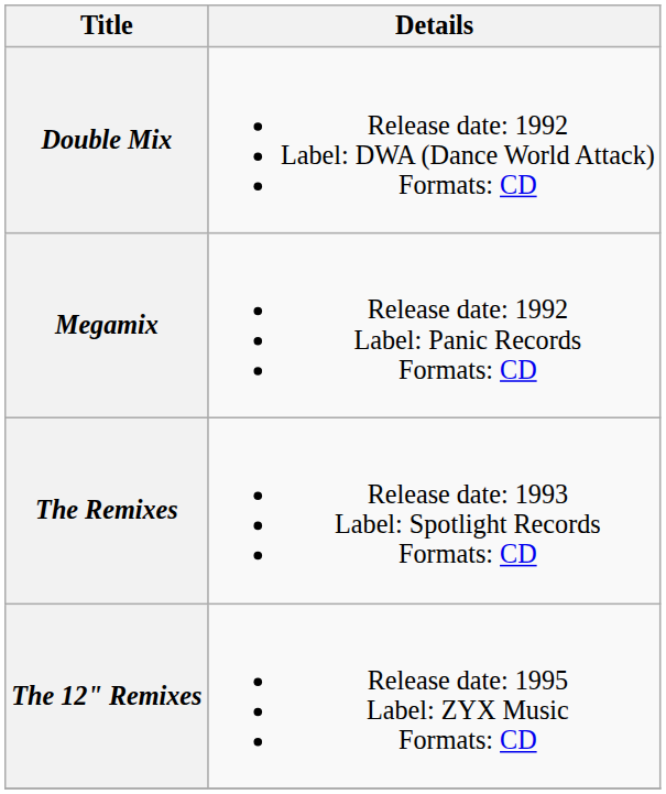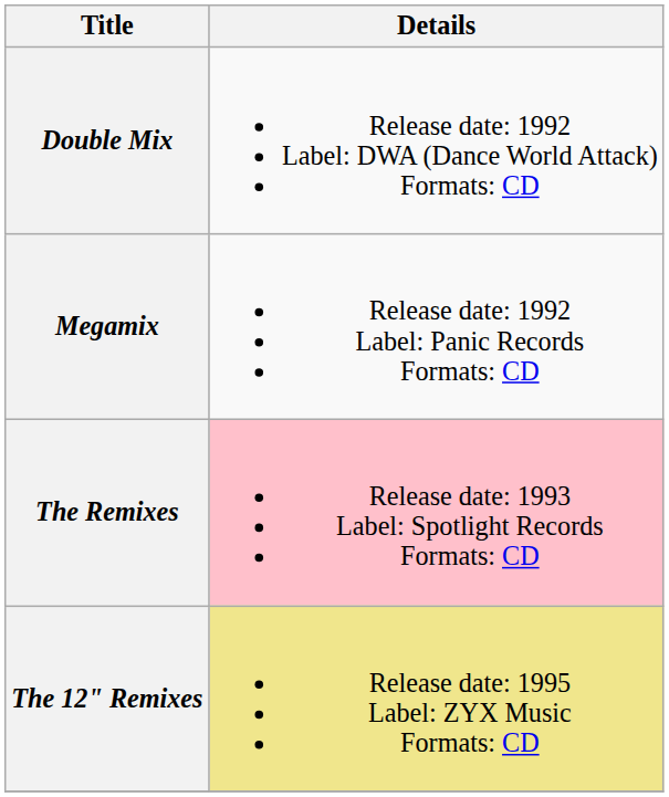 <table class="wikitable plainrowheaders" style="text-align:center;">
 <tr>
 <th ! colspan="1">Title</th>
 <th ! colspan="2">Details</th>
 </tr>
 <tr>
 <th scope="row"><em>Double Mix</em></th>
 <td><br><ul><li>Release date: 1992</li><li>Label: DWA (Dance World Attack)</li><li>Formats: <a href='#'>CD</a></li></ul></td>
 </tr>
 <tr>
 <th scope="row"><em>Megamix</em></th>
 <td><br><ul><li>Release date: 1992</li><li>Label: Panic Records</li><li>Formats: <a href='#'>CD</a></li></ul></td>
 </tr>
 <tr>
 <th scope="row"><em>The Remixes</em></th>
-<td><br><ul><li>Release date: 1993</li><li>Label: Spotlight Records</li><li>Formats: <a href='#'>CD</a></li></ul></td>
+<td style="background: pink;"><br><ul><li>Release date: 1993</li><li>Label: Spotlight Records</li><li>Formats: <a href='#'>CD</a></li></ul></td>
 </tr>
 <tr>
 <th scope="row"><em>The 12" Remixes</em></th>
-<td><br><ul><li>Release date: 1995</li><li>Label: ZYX Music</li><li>Formats: <a href='#'>CD</a></li></ul></td>
+<td style="background: khaki;"><br><ul><li>Release date: 1995</li><li>Label: ZYX Music</li><li>Formats: <a href='#'>CD</a></li></ul></td>
 </tr>
 <tr>
 </tr>
 </table>
